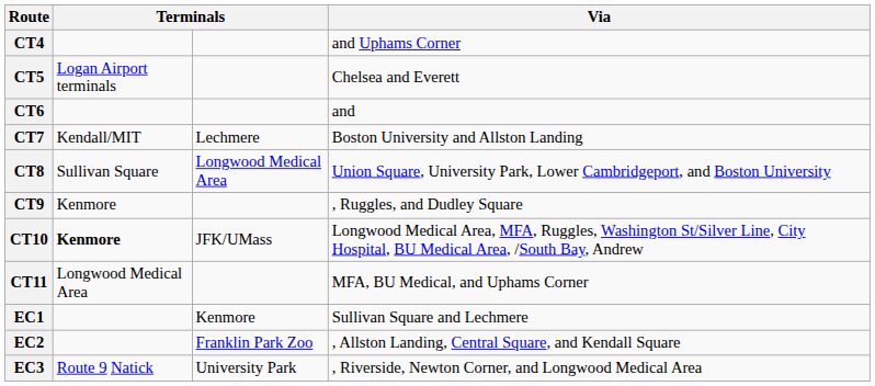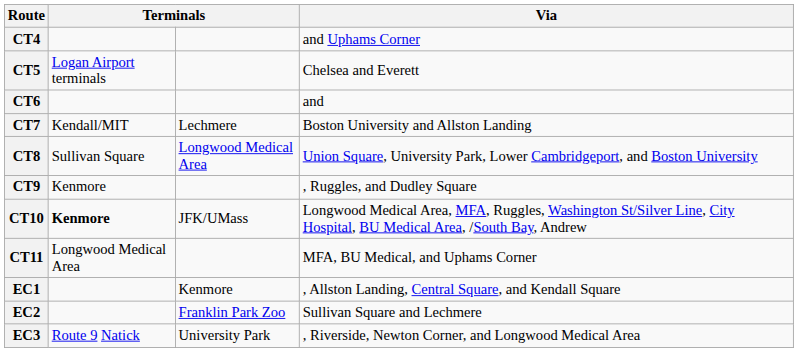 <table class="wikitable">
 <tr>
 <th>Route</th>
 <th colspan=2>Terminals</th>
 <th>Via</th>
 </tr>
 <tr>
 <th>CT4</th>
 <td></td>
 <td></td>
 <td> and <a href='#'>Uphams Corner</a></td>
 </tr>
 <tr>
 <th>CT5</th>
 <td><a href='#'>Logan Airport</a> terminals</td>
 <td></td>
 <td>Chelsea and Everett</td>
 </tr>
 <tr>
 <th>CT6</th>
 <td></td>
 <td></td>
 <td> and </td>
 </tr>
 <tr>
 <th>CT7</th>
 <td>Kendall/MIT</td>
 <td>Lechmere</td>
 <td>Boston University and Allston Landing</td>
 </tr>
 <tr>
 <th>CT8</th>
 <td>Sullivan Square</td>
 <td><a href='#'>Longwood Medical Area</a></td>
 <td><a href='#'>Union Square</a>, University Park, Lower <a href='#'>Cambridgeport</a>, and <a href='#'>Boston University</a></td>
 </tr>
 <tr>
 <th>CT9</th>
 <td>Kenmore</td>
 <td></td>
 <td>, Ruggles, and Dudley Square</td>
 </tr>
 <tr>
 <th>CT10</th>
 <td><strong>Kenmore</strong></td>
 <td>JFK/UMass</td>
 <td>Longwood Medical Area, <a href='#'>MFA</a>, Ruggles, <a href='#'>Washington St/Silver Line</a>, <a href='#'>City Hospital</a>, <a href='#'>BU Medical Area</a>, /<a href='#'>South Bay</a>, Andrew</td>
 </tr>
 <tr>
 <th>CT11</th>
 <td>Longwood Medical Area</td>
 <td></td>
 <td>MFA, BU Medical, and Uphams Corner</td>
 </tr>
 <tr>
 <th>EC1</th>
 <td></td>
 <td>Kenmore</td>
-<td>Sullivan Square and Lechmere</td>
+<td>, Allston Landing, <a href='#'>Central Square</a>, and Kendall Square</td>
 </tr>
 <tr>
 <th>EC2</th>
 <td></td>
 <td><a href='#'>Franklin Park Zoo</a></td>
-<td>, Allston Landing, <a href='#'>Central Square</a>, and Kendall Square</td>
+<td>Sullivan Square and Lechmere</td>
 </tr>
 <tr>
 <th>EC3</th>
 <td><a href='#'>Route 9</a> <a href='#'>Natick</a></td>
 <td>University Park</td>
 <td>, Riverside, Newton Corner, and Longwood Medical Area</td>
 </tr>
 </table>
